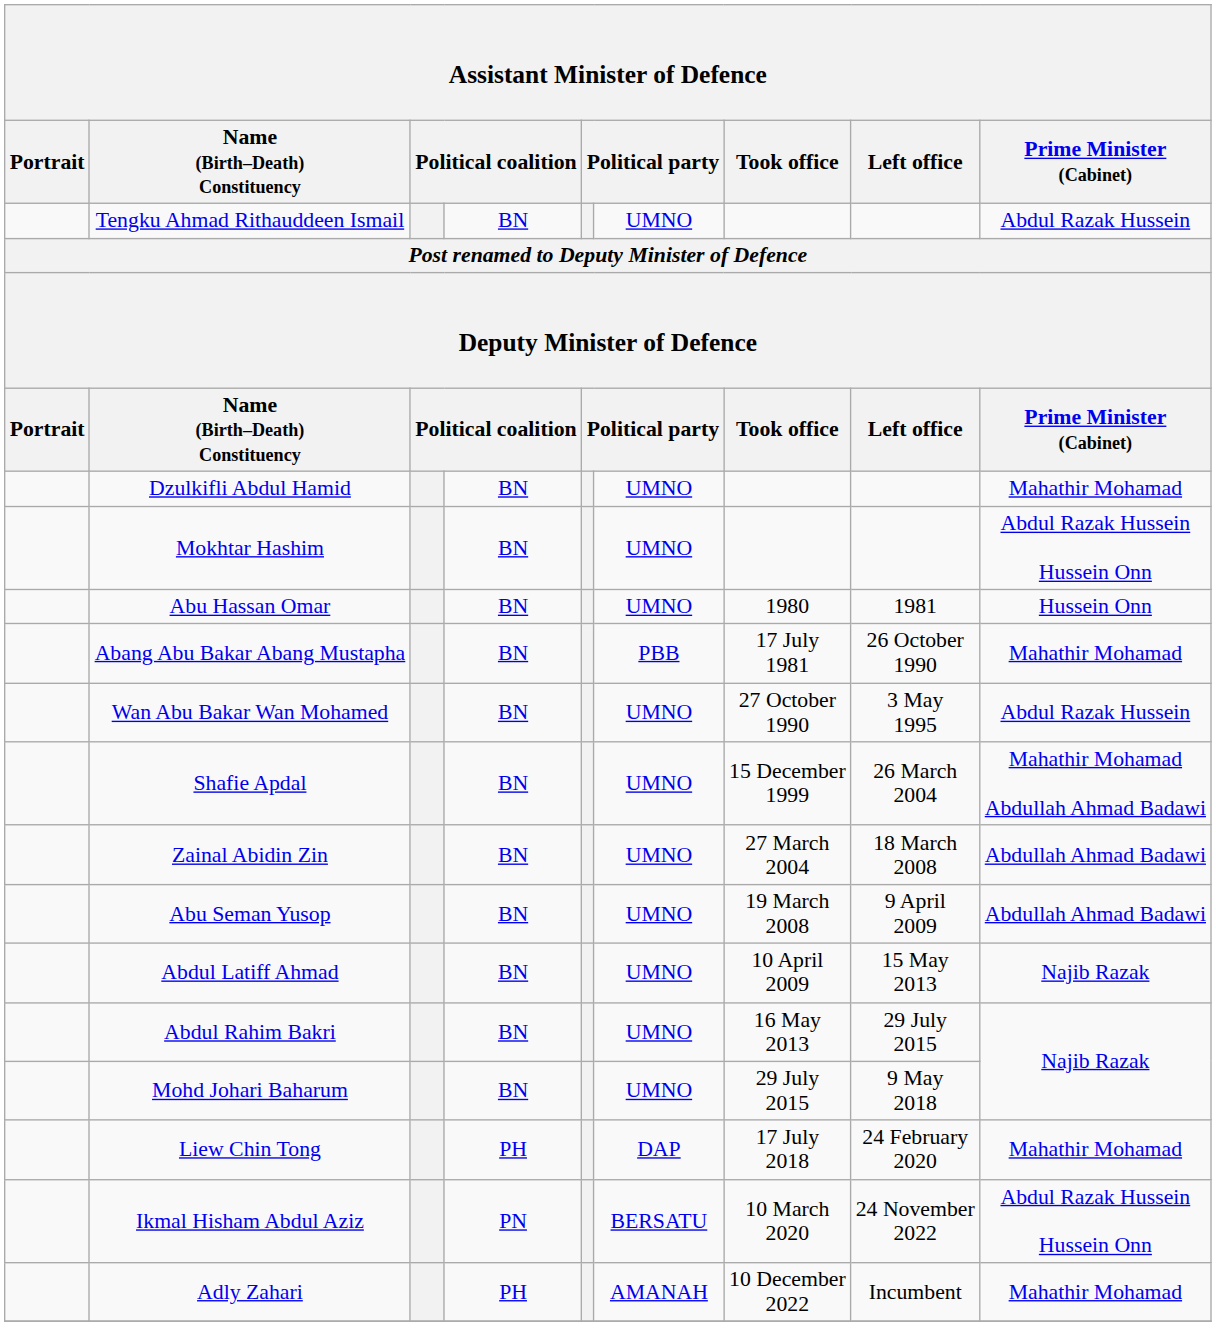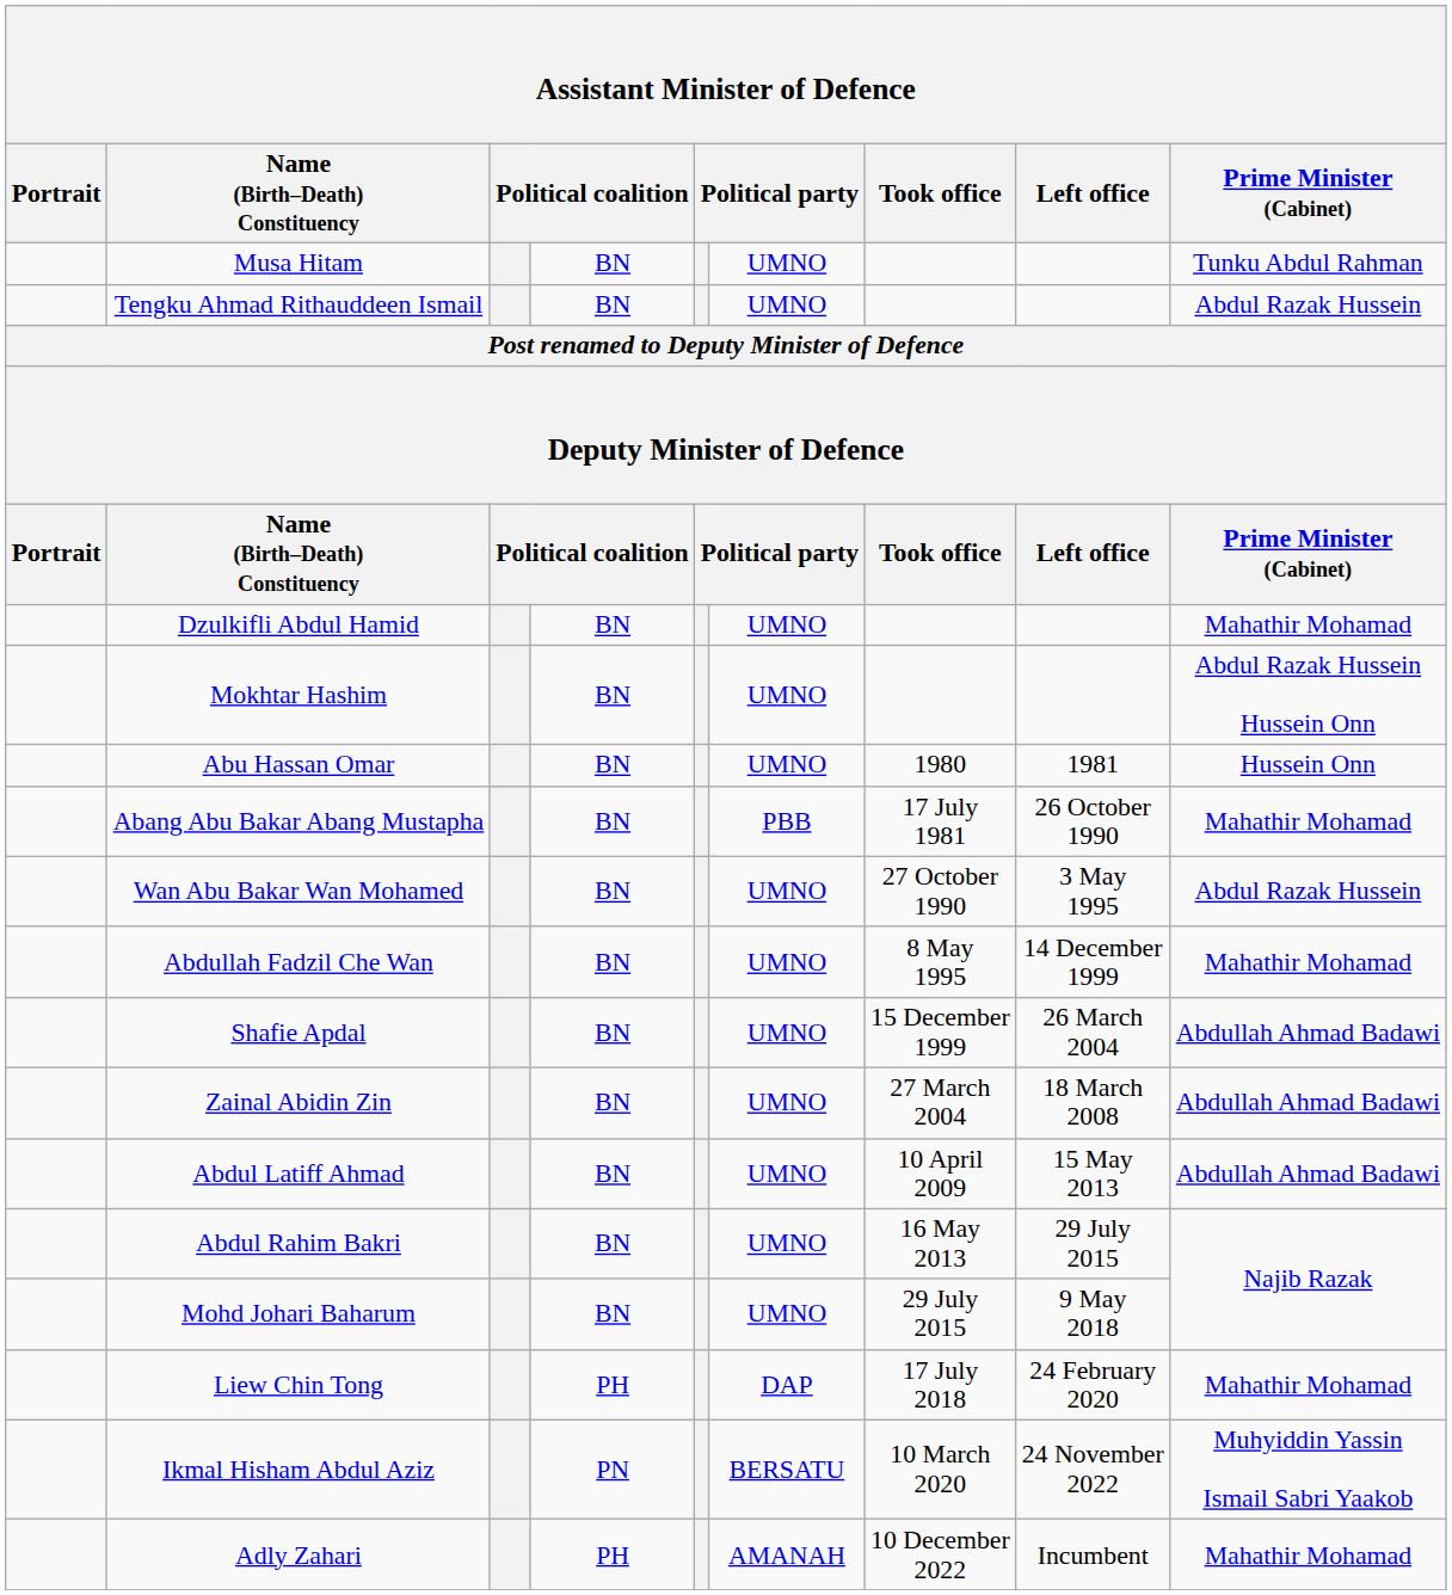 <table class="wikitable" style="text-align:center;">
 <tr>
 <th colspan="9"><br><h3>Assistant Minister of Defence</h3></th>
 </tr>
 <tr>
 <th>Portrait</th>
 <th>Name<br><small>(Birth–Death)<br>Constituency</small></th>
 <th colspan="2">Political coalition</th>
 <th colspan="2">Political party</th>
 <th>Took office</th>
 <th>Left office</th>
 <th><a href='#'>Prime Minister</a><br><small>(Cabinet)</small></th>
+</tr>
+<tr>
+<td></td>
+<td><a href='#'>Musa Hitam</a><br></td>
+<th style="background:"></th>
+<td><a href='#'>BN</a></td>
+<th style="background:"></th>
+<td><a href='#'>UMNO</a></td>
+<td></td>
+<td></td>
+<td><a href='#'>Tunku Abdul Rahman</a><br></td>
 </tr>
 <tr>
 <td></td>
 <td><a href='#'>Tengku Ahmad Rithauddeen Ismail</a><br></td>
 <th style="background:"></th>
 <td><a href='#'>BN</a></td>
 <th style="background:"></th>
 <td><a href='#'>UMNO</a></td>
 <td></td>
 <td></td>
 <td><a href='#'>Abdul Razak Hussein</a><br></td>
 </tr>
 <tr>
 <th colspan="9"><em>Post renamed to Deputy Minister of Defence</em></th>
 </tr>
 <tr>
 <th colspan="9"><br><h3>Deputy Minister of Defence</h3></th>
 </tr>
 <tr>
 <th>Portrait</th>
 <th>Name<br><small>(Birth–Death)<br>Constituency</small></th>
 <th colspan="2">Political coalition</th>
 <th colspan="2">Political party</th>
 <th>Took office</th>
 <th>Left office</th>
 <th><a href='#'>Prime Minister</a><br><small>(Cabinet)</small></th>
 </tr>
 <tr>
 <td></td>
 <td><a href='#'>Dzulkifli Abdul Hamid</a><br></td>
 <th style="background:"></th>
 <td><a href='#'>BN</a></td>
 <th style="background:"></th>
 <td><a href='#'>UMNO</a></td>
 <td></td>
 <td></td>
 <td><a href='#'>Mahathir Mohamad</a><br></td>
 </tr>
 <tr>
 <td></td>
 <td><a href='#'>Mokhtar Hashim</a><br></td>
 <th style="background:"></th>
 <td><a href='#'>BN</a></td>
 <th style="background:"></th>
 <td><a href='#'>UMNO</a></td>
 <td></td>
 <td></td>
 <td><a href='#'>Abdul Razak Hussein</a><br><br><a href='#'>Hussein Onn</a><br></td>
 </tr>
 <tr>
 <td></td>
 <td><a href='#'>Abu Hassan Omar</a><br></td>
 <th style="background:"></th>
 <td><a href='#'>BN</a></td>
 <th style="background:"></th>
 <td><a href='#'>UMNO</a></td>
 <td>1980</td>
 <td>1981</td>
 <td><a href='#'>Hussein Onn</a><br></td>
 </tr>
 <tr>
 <td></td>
 <td><a href='#'>Abang Abu Bakar Abang Mustapha</a><br></td>
 <th style="background:"></th>
 <td><a href='#'>BN</a></td>
 <th style="background:"></th>
 <td><a href='#'>PBB</a></td>
 <td>17 July<br>1981</td>
 <td>26 October<br>1990</td>
 <td><a href='#'>Mahathir Mohamad</a><br></td>
 </tr>
 <tr>
 <td></td>
 <td><a href='#'>Wan Abu Bakar Wan Mohamed</a><br></td>
 <th style="background:"></th>
 <td><a href='#'>BN</a></td>
 <th style="background:"></th>
 <td><a href='#'>UMNO</a></td>
 <td>27 October<br>1990</td>
 <td>3 May<br>1995</td>
 <td><a href='#'>Abdul Razak Hussein</a><br></td>
 </tr>
 <tr>
 <td></td>
+<td><a href='#'>Abdullah Fadzil Che Wan</a><br></td>
+<th style="background:"></th>
+<td><a href='#'>BN</a></td>
+<th style="background:"></th>
+<td><a href='#'>UMNO</a></td>
+<td>8 May<br>1995</td>
+<td>14 December<br>1999</td>
+<td><a href='#'>Mahathir Mohamad</a><br></td>
+</tr>
+<tr>
+<td></td>
 <td><a href='#'>Shafie Apdal</a><br></td>
 <th style="background:"></th>
 <td><a href='#'>BN</a></td>
 <th style="background:"></th>
 <td><a href='#'>UMNO</a></td>
 <td>15 December<br>1999</td>
 <td>26 March<br>2004</td>
-<td><a href='#'>Mahathir Mohamad</a><br><br><a href='#'>Abdullah Ahmad Badawi</a><br></td>
+<td><a href='#'>Abdullah Ahmad Badawi</a><br></td>
 </tr>
 <tr>
 <td></td>
 <td><a href='#'>Zainal Abidin Zin</a><br></td>
 <th style="background:"></th>
 <td><a href='#'>BN</a></td>
 <th style="background:"></th>
 <td><a href='#'>UMNO</a></td>
 <td>27 March<br>2004</td>
 <td>18 March<br>2008</td>
 <td><a href='#'>Abdullah Ahmad Badawi</a><br></td>
 </tr>
 <tr>
 <td></td>
-<td><a href='#'>Abu Seman Yusop</a><br></td>
-<th style="background:"></th>
-<td><a href='#'>BN</a></td>
-<th style="background:"></th>
-<td><a href='#'>UMNO</a></td>
-<td>19 March<br>2008</td>
-<td>9 April<br>2009</td>
-<td><a href='#'>Abdullah Ahmad Badawi</a><br></td>
-</tr>
-<tr>
-<td></td>
 <td><a href='#'>Abdul Latiff Ahmad</a><br></td>
 <th style="background:"></th>
 <td><a href='#'>BN</a></td>
 <th style="background:"></th>
 <td><a href='#'>UMNO</a></td>
 <td>10 April<br>2009</td>
 <td>15 May<br>2013</td>
-<td><a href='#'>Najib Razak</a><br></td>
+<td><a href='#'>Abdullah Ahmad Badawi</a><br></td>
 </tr>
 <tr>
 <td></td>
 <td><a href='#'>Abdul Rahim Bakri</a><br></td>
 <th style="background:"></th>
 <td><a href='#'>BN</a></td>
 <th style="background:"></th>
 <td><a href='#'>UMNO</a></td>
 <td>16 May<br>2013</td>
 <td>29 July<br>2015</td>
 <td rowspan=2><a href='#'>Najib Razak</a><br></td>
 </tr>
 <tr>
 <td></td>
 <td><a href='#'>Mohd Johari Baharum</a><br></td>
 <th style="background:"></th>
 <td><a href='#'>BN</a></td>
 <th style="background:"></th>
 <td><a href='#'>UMNO</a></td>
 <td>29 July<br>2015</td>
 <td>9 May<br>2018</td>
 </tr>
 <tr>
 <td></td>
 <td><a href='#'>Liew Chin Tong</a><br></td>
 <th style="background:"></th>
 <td><a href='#'>PH</a></td>
 <th style="background:"></th>
 <td><a href='#'>DAP</a></td>
 <td>17 July<br>2018</td>
 <td>24 February<br>2020</td>
 <td><a href='#'>Mahathir Mohamad</a><br></td>
 </tr>
 <tr>
 <td></td>
 <td><a href='#'>Ikmal Hisham Abdul Aziz</a><br></td>
 <th style="background:"></th>
 <td><a href='#'>PN</a></td>
 <th style="background:"></th>
 <td><a href='#'>BERSATU</a></td>
 <td>10 March<br>2020</td>
 <td>24 November<br>2022</td>
-<td><a href='#'>Abdul Razak Hussein</a><br><br><a href='#'>Hussein Onn</a><br></td>
+<td><a href='#'>Muhyiddin Yassin</a><br><br><a href='#'>Ismail Sabri Yaakob</a><br></td>
 </tr>
 <tr>
 <td></td>
 <td><a href='#'>Adly Zahari</a><br></td>
 <th style="background:"></th>
 <td><a href='#'>PH</a></td>
 <th style="background:"></th>
 <td><a href='#'>AMANAH</a></td>
 <td>10 December<br>2022</td>
 <td>Incumbent</td>
 <td><a href='#'>Mahathir Mohamad</a><br></td>
 </tr>
 <tr>
 </tr>
 </table>
